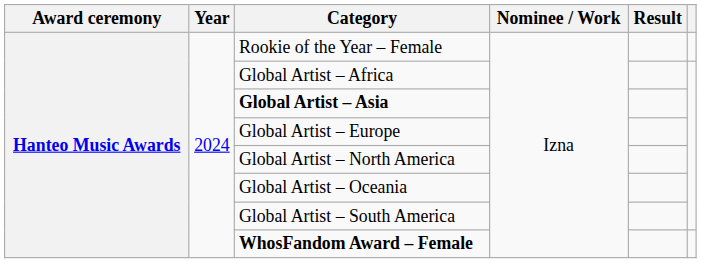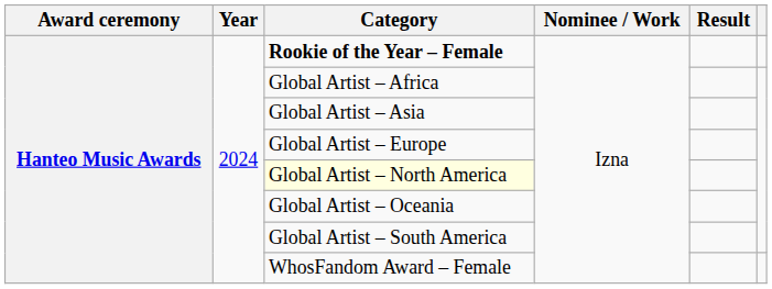 <table class="wikitable plainrowheaders sortable" style="text-align:center; width:100%">
 <tr>
 <th scope="col">Award ceremony</th>
 <th scope="col">Year</th>
 <th scope="col">Category </th>
 <th scope="col">Nominee / Work</th>
 <th scope="col">Result</th>
 <th scope="col" class="unsortable"></th>
 </tr>
 <tr>
 <th scope="row" rowspan="8"><a href='#'>Hanteo Music Awards</a></th>
 <td rowspan="8"><a href='#'>2024</a></td>
-<td style="text-align:left">Rookie of the Year – Female</td>
+<td style="text-align:left"><strong>Rookie of the Year – Female</strong></td>
 <td rowspan="8">Izna</td>
 <td></td>
 <td></td>
 </tr>
 <tr>
 <td style="text-align:left">Global Artist – Africa</td>
 <td></td>
 <td rowspan="6"></td>
 </tr>
 <tr>
-<td style="text-align:left"><strong>Global Artist – Asia</strong></td>
+<td style="text-align:left">Global Artist – Asia</td>
 <td></td>
 </tr>
 <tr>
 <td style="text-align:left">Global Artist – Europe</td>
 <td></td>
 </tr>
 <tr>
-<td style="text-align:left">Global Artist – North America</td>
+<td style="background: lightyellow; text-align:left">Global Artist – North America</td>
 <td></td>
 </tr>
 <tr>
 <td style="text-align:left">Global Artist – Oceania</td>
 <td></td>
 </tr>
 <tr>
 <td style="text-align:left">Global Artist – South America</td>
 <td></td>
 </tr>
 <tr>
-<td style="text-align:left"><strong>WhosFandom Award – Female</strong></td>
+<td style="text-align:left">WhosFandom Award – Female</td>
 <td></td>
 <td></td>
 </tr>
 </table>
